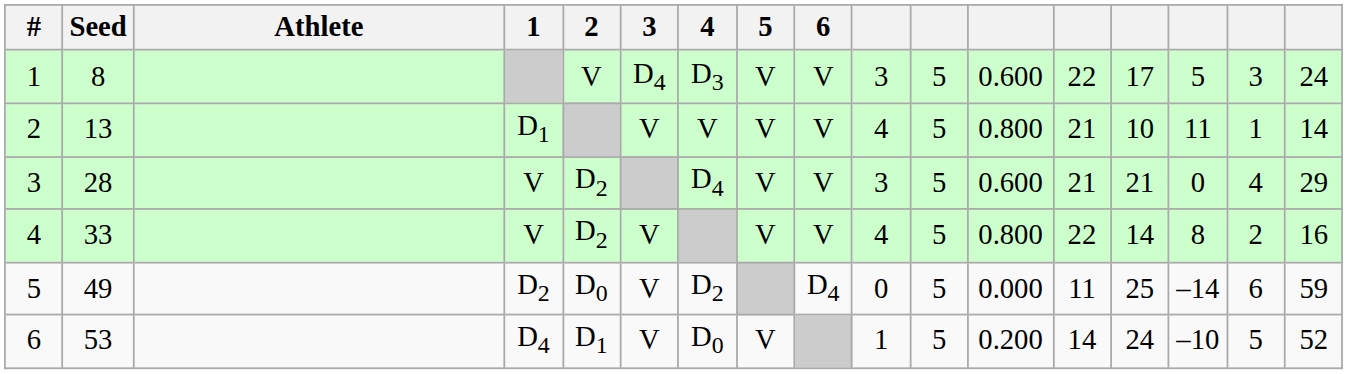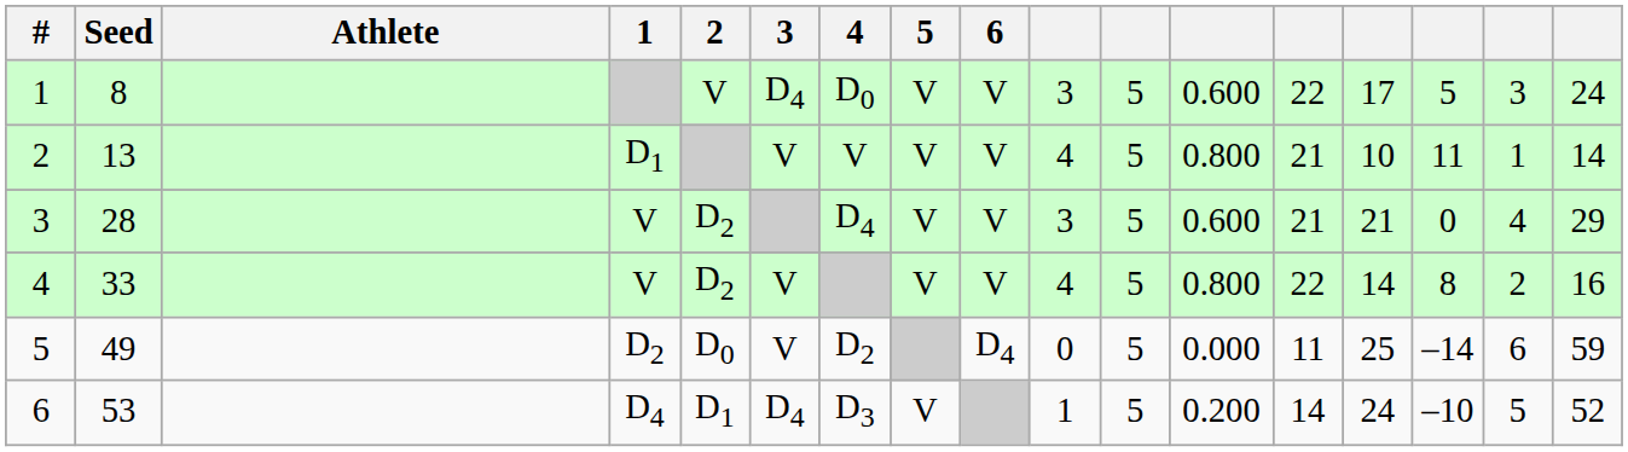 <table class="wikitable" style="text-align:center">
 <tr>
 <th width="25">#</th>
 <th width="25">Seed</th>
 <th width="200">Athlete</th>
 <th width="25">1</th>
 <th width="25">2</th>
 <th width="25">3</th>
 <th width="25">4</th>
 <th width="25">5</th>
 <th width="25">6</th>
 <th width="25"></th>
 <th width="25"></th>
 <th width="40"></th>
 <th width="25"></th>
 <th width="25"></th>
 <th width="25"></th>
 <th width="25"></th>
 <th width="25"></th>
 </tr>
 <tr bgcolor="#ccffcc">
 <td>1</td>
 <td>8</td>
 <td align=left></td>
 <td bgcolor="#cccccc"></td>
 <td>V</td>
 <td>D<sub>4</sub></td>
-<td>D<sub>3</sub></td>
+<td>D<sub>0</sub></td>
 <td>V</td>
 <td>V</td>
 <td>3</td>
 <td>5</td>
 <td>0.600</td>
 <td>22</td>
 <td>17</td>
 <td>5</td>
 <td>3</td>
 <td>24</td>
 </tr>
 <tr bgcolor="#ccffcc">
 <td>2</td>
 <td>13</td>
 <td align=left></td>
 <td>D<sub>1</sub></td>
 <td bgcolor="#cccccc"></td>
 <td>V</td>
 <td>V</td>
 <td>V</td>
 <td>V</td>
 <td>4</td>
 <td>5</td>
 <td>0.800</td>
 <td>21</td>
 <td>10</td>
 <td>11</td>
 <td>1</td>
 <td>14</td>
 </tr>
 <tr bgcolor="#ccffcc">
 <td>3</td>
 <td>28</td>
 <td align=left></td>
 <td>V</td>
 <td>D<sub>2</sub></td>
 <td bgcolor="#cccccc"></td>
 <td>D<sub>4</sub></td>
 <td>V</td>
 <td>V</td>
 <td>3</td>
 <td>5</td>
 <td>0.600</td>
 <td>21</td>
 <td>21</td>
 <td>0</td>
 <td>4</td>
 <td>29</td>
 </tr>
 <tr bgcolor="#ccffcc">
 <td>4</td>
 <td>33</td>
 <td align=left></td>
 <td>V</td>
 <td>D<sub>2</sub></td>
 <td>V</td>
 <td bgcolor="#cccccc"></td>
 <td>V</td>
 <td>V</td>
 <td>4</td>
 <td>5</td>
 <td>0.800</td>
 <td>22</td>
 <td>14</td>
 <td>8</td>
 <td>2</td>
 <td>16</td>
 </tr>
 <tr>
 <td>5</td>
 <td>49</td>
 <td align=left></td>
 <td>D<sub>2</sub></td>
 <td>D<sub>0</sub></td>
 <td>V</td>
 <td>D<sub>2</sub></td>
 <td bgcolor="#cccccc"></td>
 <td>D<sub>4</sub></td>
 <td>0</td>
 <td>5</td>
 <td>0.000</td>
 <td>11</td>
 <td>25</td>
 <td>–14</td>
 <td>6</td>
 <td>59</td>
 </tr>
 <tr>
 <td>6</td>
 <td>53</td>
 <td align=left></td>
 <td>D<sub>4</sub></td>
 <td>D<sub>1</sub></td>
-<td>V</td>
-<td>D<sub>0</sub></td>
+<td>D<sub>4</sub></td>
+<td>D<sub>3</sub></td>
 <td>V</td>
 <td bgcolor="#cccccc"></td>
 <td>1</td>
 <td>5</td>
 <td>0.200</td>
 <td>14</td>
 <td>24</td>
 <td>–10</td>
 <td>5</td>
 <td>52</td>
 </tr>
 </table>
